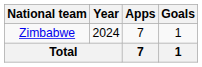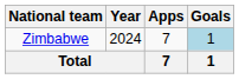 <table class="wikitable" style="text-align:center">
 <tr>
 <th>National team</th>
 <th>Year</th>
 <th>Apps</th>
 <th>Goals</th>
 </tr>
 <tr>
 <td><a href='#'>Zimbabwe</a></td>
 <td>2024</td>
 <td>7</td>
-<td>1</td>
+<td style="background: lightblue;">1</td>
 </tr>
 <tr>
 <th colspan=2>Total</th>
 <th>7</th>
 <th>1</th>
 </tr>
 </table>
